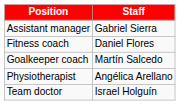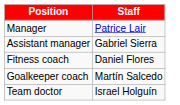 <table class="wikitable">
 <tr>
 <th style=background-color:#FF0000;color:white>Position</th>
 <th style=background-color:#FF0000;color:white>Staff</th>
+</tr>
+<tr>
+<td>Manager</td>
+<td> <a href='#'>Patrice Lair</a></td>
 </tr>
 <tr>
 <td>Assistant manager</td>
 <td> Gabriel Sierra</td>
 </tr>
 <tr>
 <td>Fitness coach</td>
 <td> Daniel Flores</td>
 </tr>
 <tr>
 <td>Goalkeeper coach</td>
 <td> Martín Salcedo</td>
 </tr>
 <tr>
-<td>Physiotherapist</td>
-<td> Angélica Arellano</td>
-</tr>
-<tr>
 <td>Team doctor</td>
 <td> Israel Holguín</td>
 </tr>
 </table>
